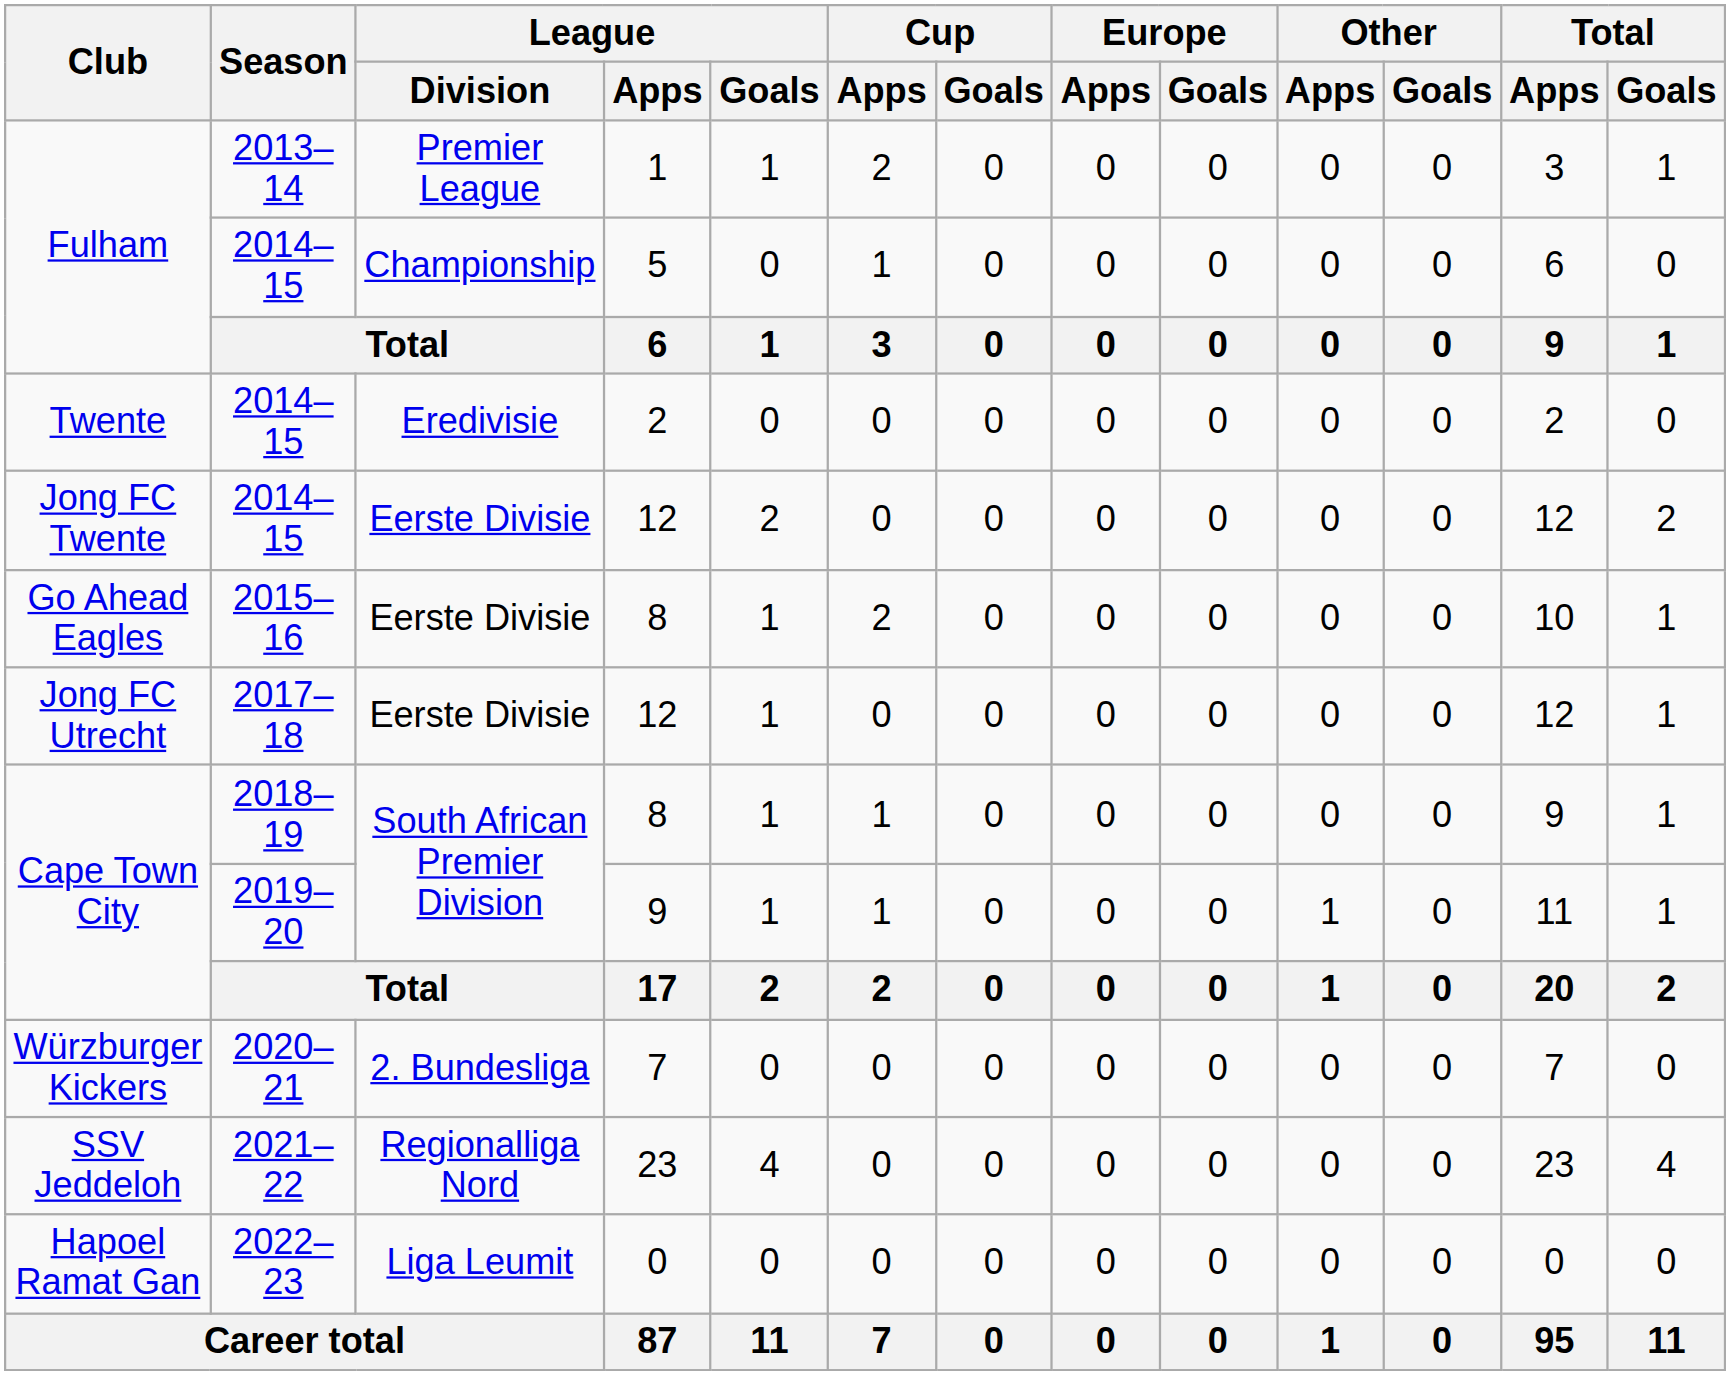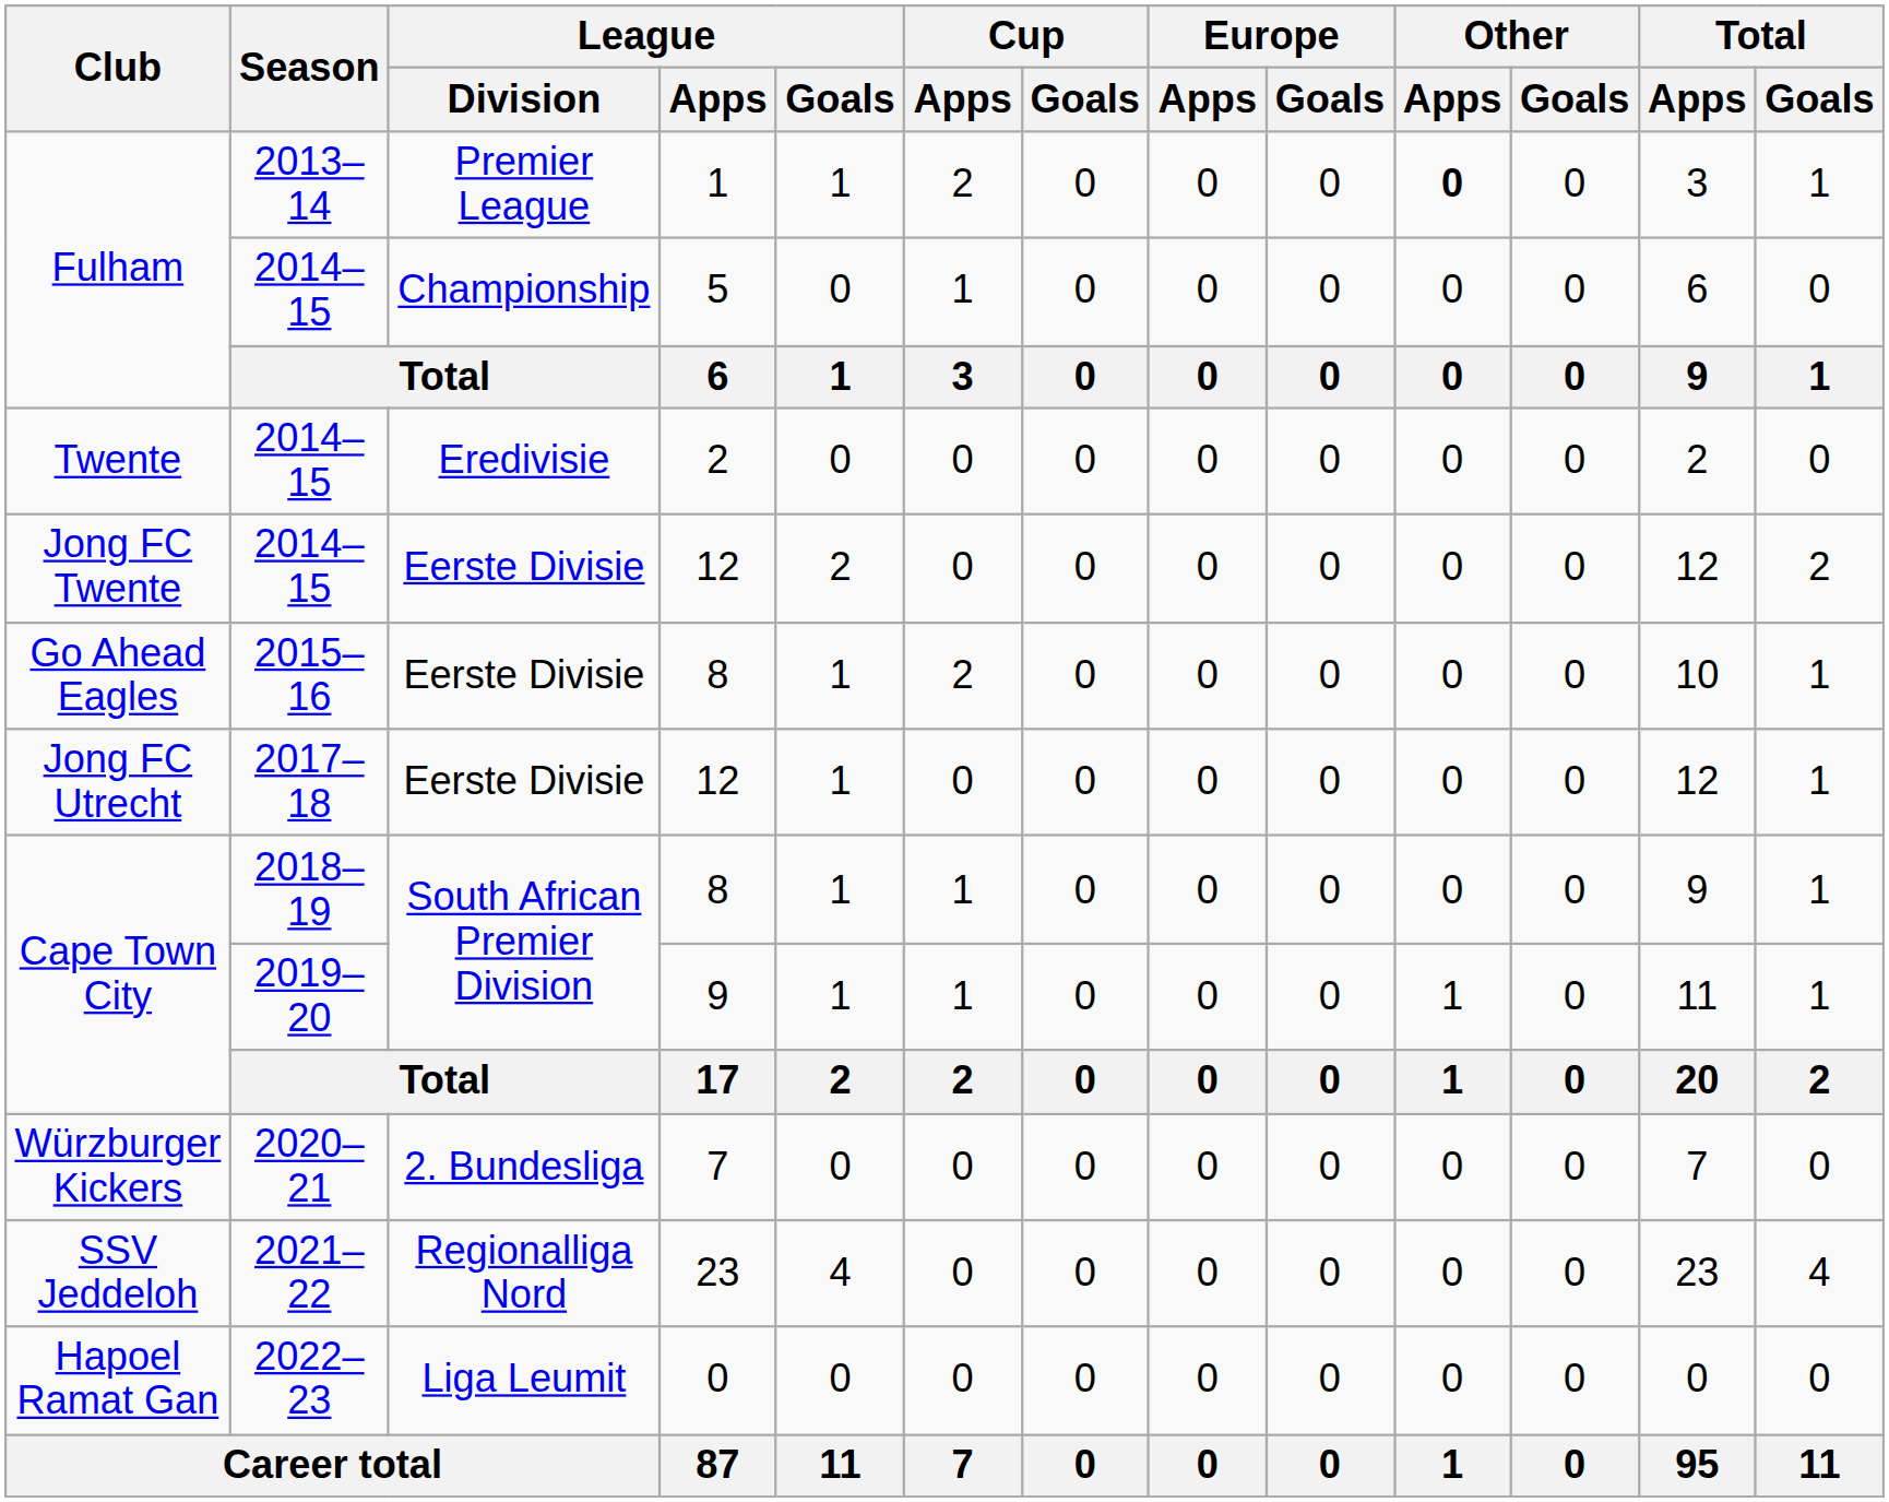 <table class="wikitable" style="text-align:center">
 <tr>
 <th rowspan="2">Club</th>
 <th rowspan="2">Season</th>
 <th colspan="3">League</th>
 <th colspan="2">Cup</th>
 <th colspan="2">Europe</th>
 <th colspan="2">Other</th>
 <th colspan="2">Total</th>
 </tr>
 <tr>
 <th>Division</th>
 <th>Apps</th>
 <th>Goals</th>
 <th>Apps</th>
 <th>Goals</th>
 <th>Apps</th>
 <th>Goals</th>
 <th>Apps</th>
 <th>Goals</th>
 <th>Apps</th>
 <th>Goals</th>
 </tr>
 <tr>
 <td rowspan="3"><a href='#'>Fulham</a></td>
 <td><a href='#'>2013–14</a></td>
 <td><a href='#'>Premier League</a></td>
 <td>1</td>
 <td>1</td>
 <td>2</td>
 <td>0</td>
 <td>0</td>
 <td>0</td>
-<td>0</td>
+<td><strong>0</strong></td>
 <td>0</td>
 <td>3</td>
 <td>1</td>
 </tr>
 <tr>
 <td><a href='#'>2014–15</a></td>
 <td><a href='#'>Championship</a></td>
 <td>5</td>
 <td>0</td>
 <td>1</td>
 <td>0</td>
 <td>0</td>
 <td>0</td>
 <td>0</td>
 <td>0</td>
 <td>6</td>
 <td>0</td>
 </tr>
 <tr>
 <th colspan="2">Total</th>
 <th>6</th>
 <th>1</th>
 <th>3</th>
 <th>0</th>
 <th>0</th>
 <th>0</th>
 <th>0</th>
 <th>0</th>
 <th>9</th>
 <th>1</th>
 </tr>
 <tr>
 <td><a href='#'>Twente</a></td>
 <td><a href='#'>2014–15</a></td>
 <td><a href='#'>Eredivisie</a></td>
 <td>2</td>
 <td>0</td>
 <td>0</td>
 <td>0</td>
 <td>0</td>
 <td>0</td>
 <td>0</td>
 <td>0</td>
 <td>2</td>
 <td>0</td>
 </tr>
 <tr>
 <td><a href='#'>Jong FC Twente</a></td>
 <td><a href='#'>2014–15</a></td>
 <td><a href='#'>Eerste Divisie</a></td>
 <td>12</td>
 <td>2</td>
 <td>0</td>
 <td>0</td>
 <td>0</td>
 <td>0</td>
 <td>0</td>
 <td>0</td>
 <td>12</td>
 <td>2</td>
 </tr>
 <tr>
 <td><a href='#'>Go Ahead Eagles</a></td>
 <td><a href='#'>2015–16</a></td>
 <td>Eerste Divisie</td>
 <td>8</td>
 <td>1</td>
 <td>2</td>
 <td>0</td>
 <td>0</td>
 <td>0</td>
 <td>0</td>
 <td>0</td>
 <td>10</td>
 <td>1</td>
 </tr>
 <tr>
 <td><a href='#'>Jong FC Utrecht</a></td>
 <td><a href='#'>2017–18</a></td>
 <td>Eerste Divisie</td>
 <td>12</td>
 <td>1</td>
 <td>0</td>
 <td>0</td>
 <td>0</td>
 <td>0</td>
 <td>0</td>
 <td>0</td>
 <td>12</td>
 <td>1</td>
 </tr>
 <tr>
 <td rowspan="3"><a href='#'>Cape Town City</a></td>
 <td><a href='#'>2018–19</a></td>
 <td rowspan="2"><a href='#'>South African Premier Division</a></td>
 <td>8</td>
 <td>1</td>
 <td>1</td>
 <td>0</td>
 <td>0</td>
 <td>0</td>
 <td>0</td>
 <td>0</td>
 <td>9</td>
 <td>1</td>
 </tr>
 <tr>
 <td><a href='#'>2019–20</a></td>
 <td>9</td>
 <td>1</td>
 <td>1</td>
 <td>0</td>
 <td>0</td>
 <td>0</td>
 <td>1</td>
 <td>0</td>
 <td>11</td>
 <td>1</td>
 </tr>
 <tr>
 <th colspan="2">Total</th>
 <th>17</th>
 <th>2</th>
 <th>2</th>
 <th>0</th>
 <th>0</th>
 <th>0</th>
 <th>1</th>
 <th>0</th>
 <th>20</th>
 <th>2</th>
 </tr>
 <tr>
 <td><a href='#'>Würzburger Kickers</a></td>
 <td><a href='#'>2020–21</a></td>
 <td><a href='#'>2. Bundesliga</a></td>
 <td>7</td>
 <td>0</td>
 <td>0</td>
 <td>0</td>
 <td>0</td>
 <td>0</td>
 <td>0</td>
 <td>0</td>
 <td>7</td>
 <td>0</td>
 </tr>
 <tr>
 <td><a href='#'>SSV Jeddeloh</a></td>
 <td><a href='#'>2021–22</a></td>
 <td><a href='#'>Regionalliga Nord</a></td>
 <td>23</td>
 <td>4</td>
 <td>0</td>
 <td>0</td>
 <td>0</td>
 <td>0</td>
 <td>0</td>
 <td>0</td>
 <td>23</td>
 <td>4</td>
 </tr>
 <tr>
 <td><a href='#'>Hapoel Ramat Gan</a></td>
 <td><a href='#'>2022–23</a></td>
 <td><a href='#'>Liga Leumit</a></td>
 <td>0</td>
 <td>0</td>
 <td>0</td>
 <td>0</td>
 <td>0</td>
 <td>0</td>
 <td>0</td>
 <td>0</td>
 <td>0</td>
 <td>0</td>
 </tr>
 <tr>
 <th colspan="3">Career total</th>
 <th>87</th>
 <th>11</th>
 <th>7</th>
 <th>0</th>
 <th>0</th>
 <th>0</th>
 <th>1</th>
 <th>0</th>
 <th>95</th>
 <th>11</th>
 </tr>
 </table>
